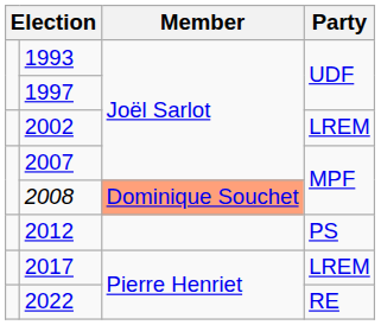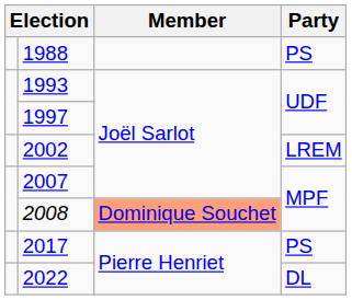 <table class="wikitable">
 <tr>
 <th colspan=2>Election</th>
 <th>Member</th>
 <th>Party</th>
+</tr>
+<tr>
+<td style="background-color: "></td>
+<td><a href='#'>1988</a></td>
+<td></td>
+<td><a href='#'>PS</a></td>
 </tr>
 <tr>
 <td rowspan="2" style="background-color: "></td>
 <td><a href='#'>1993</a></td>
 <td rowspan="4"><a href='#'>Joël Sarlot</a></td>
 <td rowspan="2"><a href='#'>UDF</a></td>
 </tr>
 <tr>
 <td><a href='#'>1997</a></td>
 </tr>
 <tr>
 <td style="background-color: "></td>
 <td><a href='#'>2002</a></td>
 <td><a href='#'>LREM</a></td>
 </tr>
 <tr>
 <td rowspan="2" style="background-color: "></td>
 <td><a href='#'>2007</a></td>
 <td rowspan="2"><a href='#'>MPF</a></td>
 </tr>
 <tr>
 <td><em>2008</em></td>
 <td style="background: lightsalmon;"><a href='#'>Dominique Souchet</a></td>
 </tr>
 <tr>
 <td style="background-color: "></td>
-<td><a href='#'>2012</a></td>
-<td></td>
+<td><a href='#'>2017</a></td>
+<td rowspan="2"><a href='#'>Pierre Henriet</a></td>
 <td><a href='#'>PS</a></td>
 </tr>
 <tr>
 <td style="background-color: "></td>
-<td><a href='#'>2017</a></td>
-<td rowspan="2"><a href='#'>Pierre Henriet</a></td>
-<td><a href='#'>LREM</a></td>
-</tr>
-<tr>
-<td style="background-color: "></td>
 <td><a href='#'>2022</a></td>
-<td><a href='#'>RE</a></td>
+<td><a href='#'>DL</a></td>
 </tr>
 </table>
